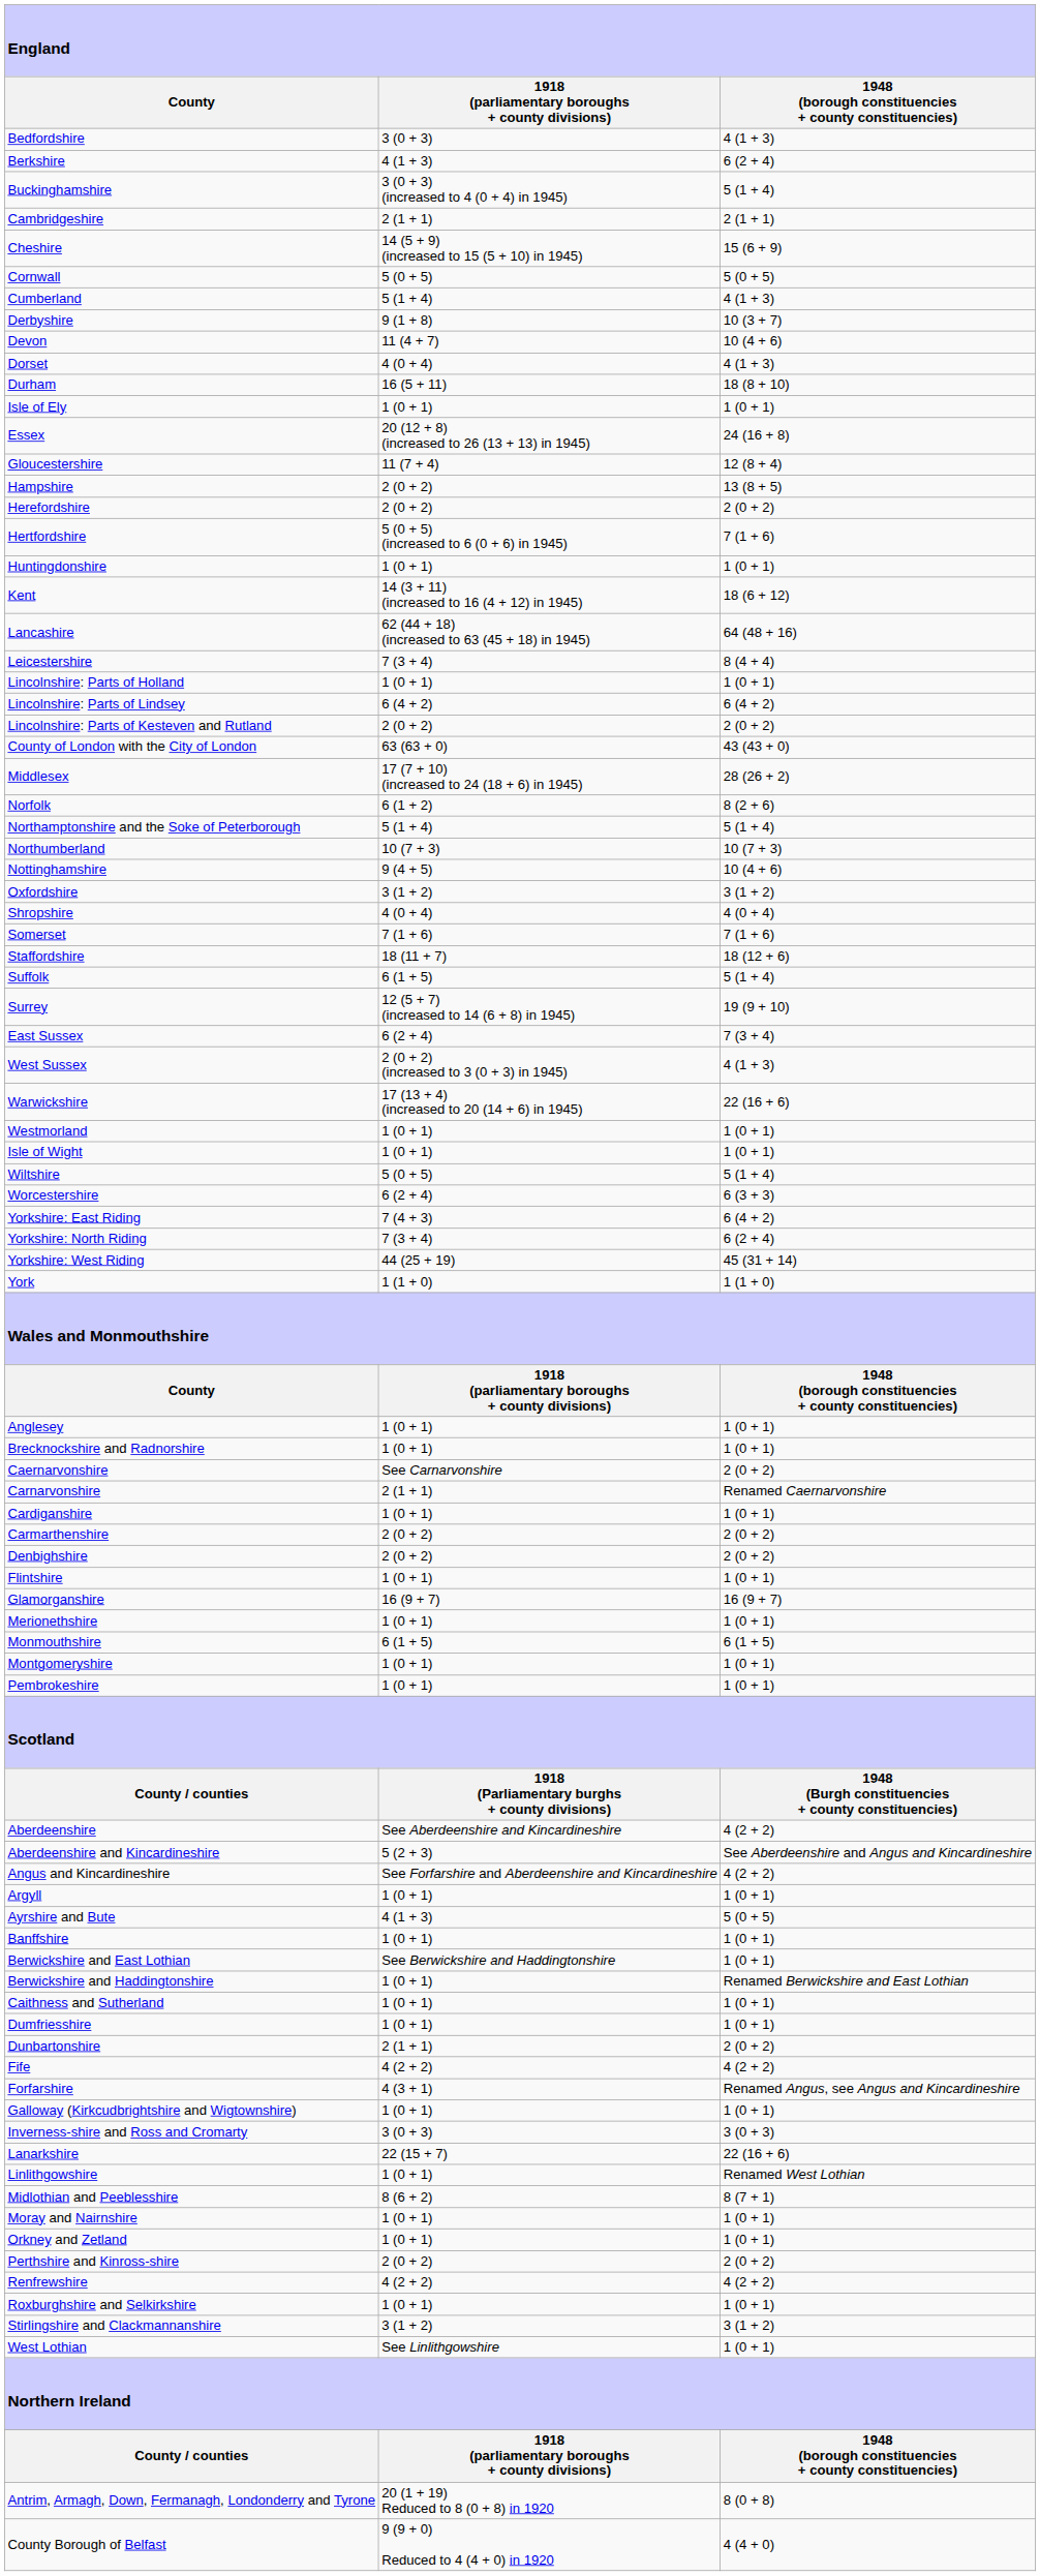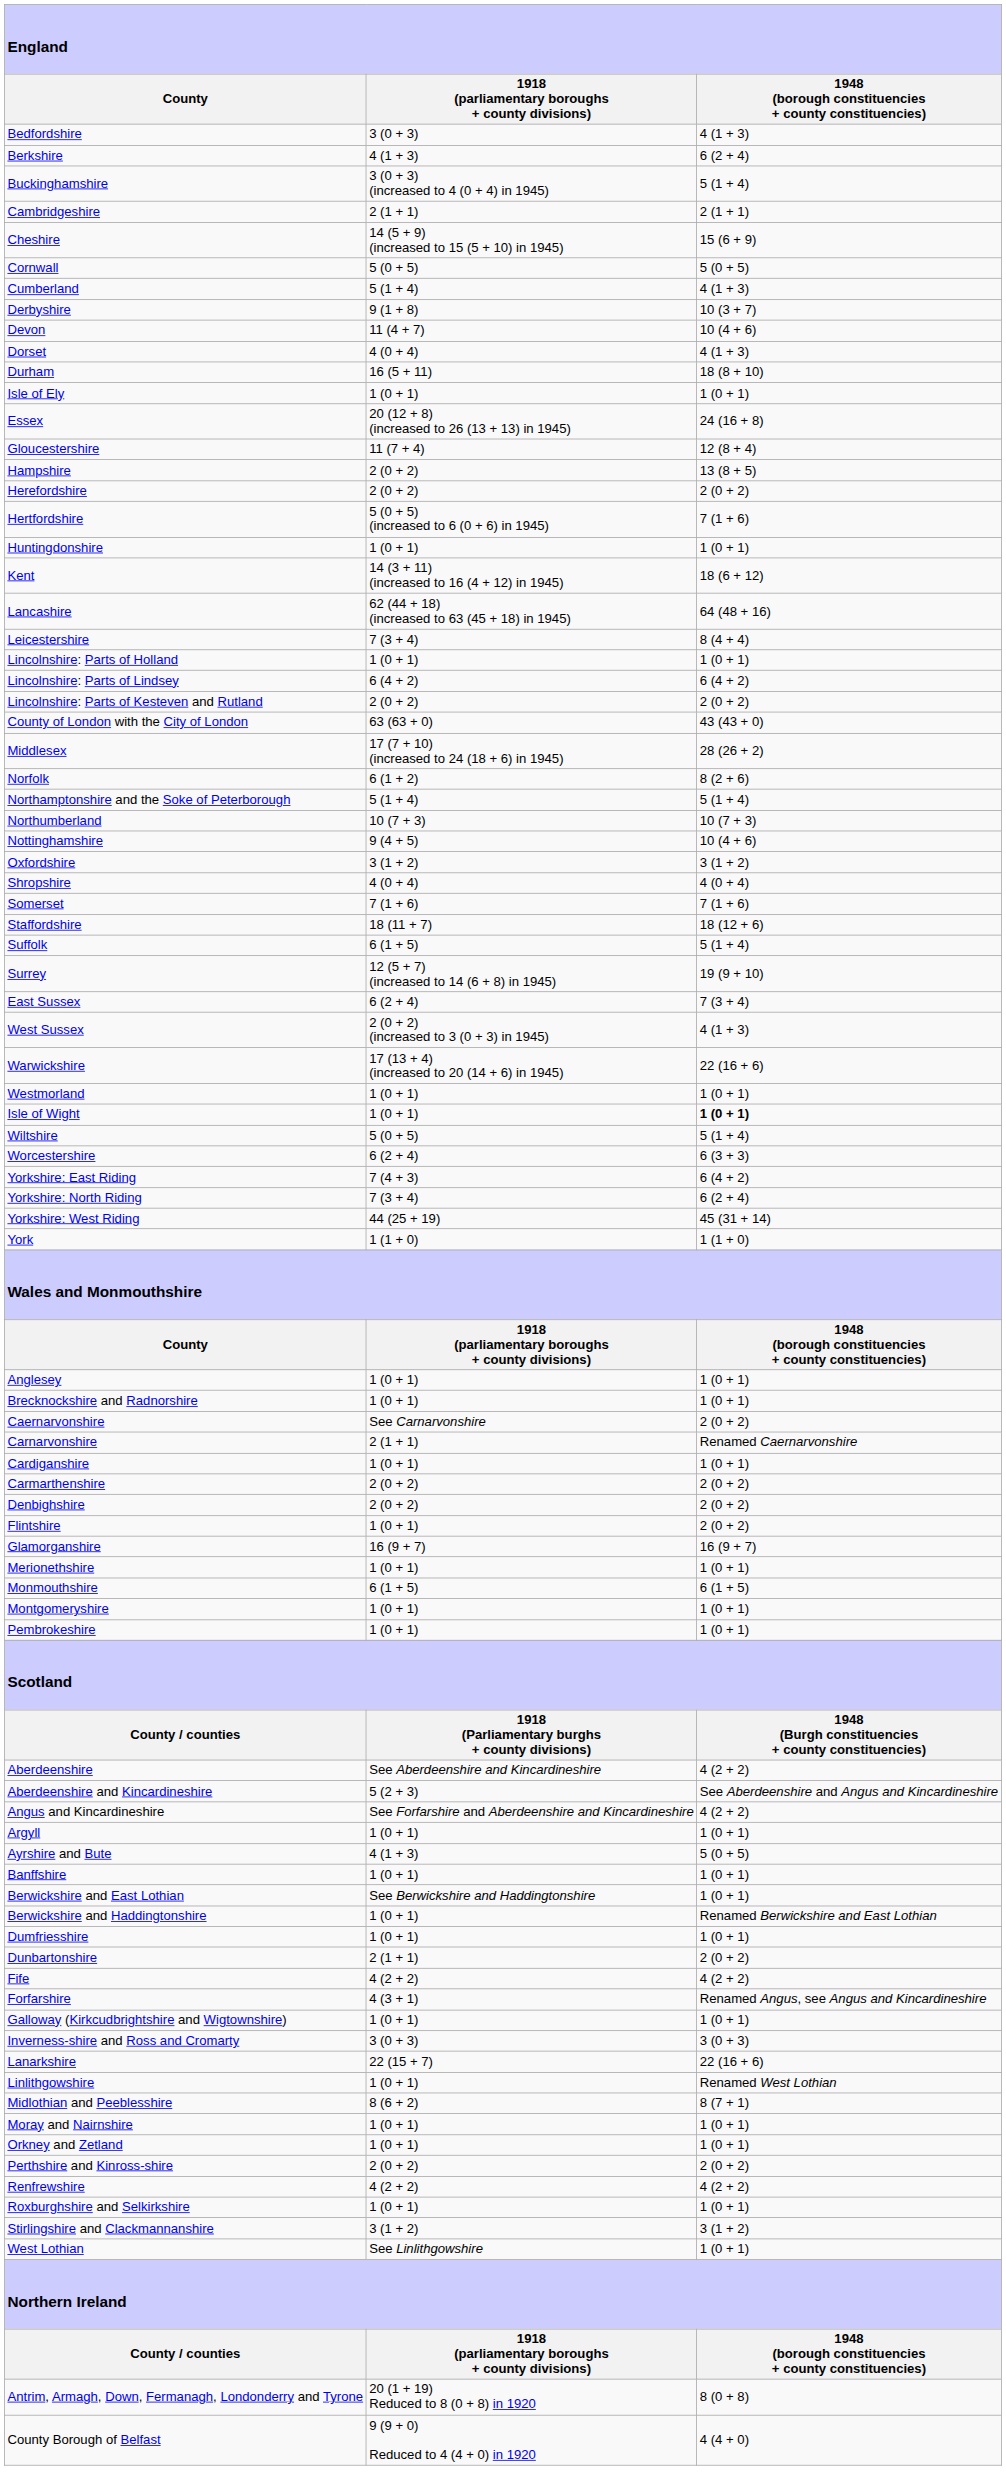 <table class="wikitable">
 <tr>
 <td colspan="3" bgcolor="ccccff"><br><h3>England</h3></td>
 </tr>
 <tr>
 <th>County</th>
 <th>1918<br> (parliamentary boroughs <br>+ county divisions)</th>
 <th>1948<br> (borough constituencies <br>+ county constituencies)</th>
 </tr>
 <tr>
 <td><a href='#'>Bedfordshire</a></td>
 <td>3 (0 + 3)</td>
 <td>4 (1 + 3)</td>
 </tr>
 <tr>
 <td><a href='#'>Berkshire</a></td>
 <td>4 (1 + 3)</td>
 <td>6 (2 + 4)</td>
 </tr>
 <tr>
 <td><a href='#'>Buckinghamshire</a></td>
 <td>3 (0 + 3)<br>(increased to 4 (0 + 4) in 1945)</td>
 <td>5 (1 + 4)</td>
 </tr>
 <tr>
 <td><a href='#'>Cambridgeshire</a></td>
 <td>2 (1 + 1)</td>
 <td>2 (1 + 1)</td>
 </tr>
 <tr>
 <td><a href='#'>Cheshire</a></td>
 <td>14 (5 + 9)<br>(increased to 15 (5 + 10) in 1945)</td>
 <td>15 (6 + 9)</td>
 </tr>
 <tr>
 <td><a href='#'>Cornwall</a></td>
 <td>5 (0 + 5)</td>
 <td>5 (0 + 5)</td>
 </tr>
 <tr>
 <td><a href='#'>Cumberland</a></td>
 <td>5 (1 + 4)</td>
 <td>4 (1 + 3)</td>
 </tr>
 <tr>
 <td><a href='#'>Derbyshire</a></td>
 <td>9 (1 + 8)</td>
 <td>10 (3 + 7)</td>
 </tr>
 <tr>
 <td><a href='#'>Devon</a></td>
 <td>11 (4 + 7)</td>
 <td>10 (4 + 6)</td>
 </tr>
 <tr>
 <td><a href='#'>Dorset</a></td>
 <td>4 (0 + 4)</td>
 <td>4 (1 + 3)</td>
 </tr>
 <tr>
 <td><a href='#'>Durham</a></td>
 <td>16 (5 + 11)</td>
 <td>18 (8 + 10)</td>
 </tr>
 <tr>
 <td><a href='#'>Isle of Ely</a></td>
 <td>1 (0 + 1)</td>
 <td>1 (0 + 1)</td>
 </tr>
 <tr>
 <td><a href='#'>Essex</a></td>
 <td>20 (12 + 8)<br>(increased to 26 (13 + 13) in 1945)</td>
 <td>24 (16 + 8)</td>
 </tr>
 <tr>
 <td><a href='#'>Gloucestershire</a></td>
 <td>11 (7 + 4)</td>
 <td>12 (8 + 4)</td>
 </tr>
 <tr>
 <td><a href='#'>Hampshire</a></td>
 <td>2 (0 + 2)</td>
 <td>13 (8 + 5)</td>
 </tr>
 <tr>
 <td><a href='#'>Herefordshire</a></td>
 <td>2 (0 + 2)</td>
 <td>2 (0 + 2)</td>
 </tr>
 <tr>
 <td><a href='#'>Hertfordshire</a></td>
 <td>5 (0 + 5)<br>(increased to 6 (0 + 6) in 1945)</td>
 <td>7 (1 + 6)</td>
 </tr>
 <tr>
 <td><a href='#'>Huntingdonshire</a></td>
 <td>1 (0 + 1)</td>
 <td>1 (0 + 1)</td>
 </tr>
 <tr>
 <td><a href='#'>Kent</a></td>
 <td>14 (3 + 11)<br>(increased to 16 (4 + 12) in 1945)</td>
 <td>18 (6 + 12)</td>
 </tr>
 <tr>
 <td><a href='#'>Lancashire</a></td>
 <td>62 (44 + 18)<br>(increased to 63 (45 + 18) in 1945)</td>
 <td>64 (48 + 16)</td>
 </tr>
 <tr>
 <td><a href='#'>Leicestershire</a></td>
 <td>7 (3 + 4)</td>
 <td>8 (4 + 4)</td>
 </tr>
 <tr>
 <td><a href='#'>Lincolnshire</a>: <a href='#'>Parts of Holland</a></td>
 <td>1 (0 + 1)</td>
 <td>1 (0 + 1)</td>
 </tr>
 <tr>
 <td><a href='#'>Lincolnshire</a>: <a href='#'>Parts of Lindsey</a></td>
 <td>6 (4 + 2)</td>
 <td>6 (4 + 2)</td>
 </tr>
 <tr>
 <td><a href='#'>Lincolnshire</a>: <a href='#'>Parts of Kesteven</a> and <a href='#'>Rutland</a></td>
 <td>2 (0 + 2)</td>
 <td>2 (0 + 2)</td>
 </tr>
 <tr>
 <td><a href='#'>County of London</a> with the <a href='#'>City of London</a></td>
 <td>63 (63 + 0)</td>
 <td>43 (43 + 0)</td>
 </tr>
 <tr>
 <td><a href='#'>Middlesex</a></td>
 <td>17 (7 + 10)<br>(increased to 24 (18 + 6) in 1945)</td>
 <td>28 (26 + 2)</td>
 </tr>
 <tr>
 <td><a href='#'>Norfolk</a></td>
 <td>6 (1 + 2)</td>
 <td>8 (2 + 6)</td>
 </tr>
 <tr>
 <td><a href='#'>Northamptonshire</a> and the <a href='#'>Soke of Peterborough</a></td>
 <td>5 (1 + 4)</td>
 <td>5 (1 + 4)</td>
 </tr>
 <tr>
 <td><a href='#'>Northumberland</a></td>
 <td>10 (7 + 3)</td>
 <td>10 (7 + 3)</td>
 </tr>
 <tr>
 <td><a href='#'>Nottinghamshire</a></td>
 <td>9 (4 + 5)</td>
 <td>10 (4 + 6)</td>
 </tr>
 <tr>
 <td><a href='#'>Oxfordshire</a></td>
 <td>3 (1 + 2)</td>
 <td>3 (1 + 2)</td>
 </tr>
 <tr>
 <td><a href='#'>Shropshire</a></td>
 <td>4 (0 + 4)</td>
 <td>4 (0 + 4)</td>
 </tr>
 <tr>
 <td><a href='#'>Somerset</a></td>
 <td>7 (1 + 6)</td>
 <td>7 (1 + 6)</td>
 </tr>
 <tr>
 <td><a href='#'>Staffordshire</a></td>
 <td>18 (11 + 7)</td>
 <td>18 (12 + 6)</td>
 </tr>
 <tr>
 <td><a href='#'>Suffolk</a></td>
 <td>6 (1 + 5)</td>
 <td>5 (1 + 4)</td>
 </tr>
 <tr>
 <td><a href='#'>Surrey</a></td>
 <td>12 (5 + 7)<br>(increased to 14 (6 + 8) in 1945)</td>
 <td>19 (9 + 10)</td>
 </tr>
 <tr>
 <td><a href='#'>East Sussex</a></td>
 <td>6 (2 + 4)</td>
 <td>7 (3 + 4)</td>
 </tr>
 <tr>
 <td><a href='#'>West Sussex</a></td>
 <td>2 (0 + 2)<br>(increased to 3 (0 + 3) in 1945)</td>
 <td>4 (1 + 3)</td>
 </tr>
 <tr>
 <td><a href='#'>Warwickshire</a></td>
 <td>17 (13 + 4)<br>(increased to 20 (14 + 6) in 1945)</td>
 <td>22 (16 + 6)</td>
 </tr>
 <tr>
 <td><a href='#'>Westmorland</a></td>
 <td>1 (0 + 1)</td>
 <td>1 (0 + 1)</td>
 </tr>
 <tr>
 <td><a href='#'>Isle of Wight</a></td>
 <td>1 (0 + 1)</td>
-<td>1 (0 + 1)</td>
+<td><strong>1 (0 + 1)</strong></td>
 </tr>
 <tr>
 <td><a href='#'>Wiltshire</a></td>
 <td>5 (0 + 5)</td>
 <td>5 (1 + 4)</td>
 </tr>
 <tr>
 <td><a href='#'>Worcestershire</a></td>
 <td>6 (2 + 4)</td>
 <td>6 (3 + 3)</td>
 </tr>
 <tr>
 <td><a href='#'>Yorkshire: East Riding</a></td>
 <td>7 (4 + 3)</td>
 <td>6 (4 + 2)</td>
 </tr>
 <tr>
 <td><a href='#'>Yorkshire: North Riding</a></td>
 <td>7 (3 + 4)</td>
 <td>6 (2 + 4)</td>
 </tr>
 <tr>
 <td><a href='#'>Yorkshire: West Riding</a></td>
 <td>44 (25 + 19)</td>
 <td>45 (31 + 14)</td>
 </tr>
 <tr>
 <td><a href='#'>York</a></td>
 <td>1 (1 + 0)</td>
 <td>1 (1 + 0)</td>
 </tr>
 <tr>
 <td colspan="3" bgcolor="ccccff"><br><h3>Wales and Monmouthshire</h3></td>
 </tr>
 <tr>
 <th>County</th>
 <th>1918<br> (parliamentary boroughs <br>+ county divisions)</th>
 <th>1948<br> (borough constituencies <br>+ county constituencies)</th>
 </tr>
 <tr>
 <td><a href='#'>Anglesey</a></td>
 <td>1 (0 + 1)</td>
 <td>1 (0 + 1)</td>
 </tr>
 <tr>
 <td><a href='#'>Brecknockshire</a> and <a href='#'>Radnorshire</a></td>
 <td>1 (0 + 1)</td>
 <td>1 (0 + 1)</td>
 </tr>
 <tr>
 <td><a href='#'>Caernarvonshire</a></td>
 <td>See <em>Carnarvonshire</em></td>
 <td>2 (0 + 2)</td>
 </tr>
 <tr>
 <td><a href='#'>Carnarvonshire</a></td>
 <td>2 (1 + 1)</td>
 <td>Renamed <em>Caernarvonshire</em></td>
 </tr>
 <tr>
 <td><a href='#'>Cardiganshire</a></td>
 <td>1 (0 + 1)</td>
 <td>1 (0 + 1)</td>
 </tr>
 <tr>
 <td><a href='#'>Carmarthenshire</a></td>
 <td>2 (0 + 2)</td>
 <td>2 (0 + 2)</td>
 </tr>
 <tr>
 <td><a href='#'>Denbighshire</a></td>
 <td>2 (0 + 2)</td>
 <td>2 (0 + 2)</td>
 </tr>
 <tr>
 <td><a href='#'>Flintshire</a></td>
 <td>1 (0 + 1)</td>
-<td>1 (0 + 1)</td>
+<td>2 (0 + 2)</td>
 </tr>
 <tr>
 <td><a href='#'>Glamorganshire</a></td>
 <td>16 (9 + 7)</td>
 <td>16 (9 + 7)</td>
 </tr>
 <tr>
 <td><a href='#'>Merionethshire</a></td>
 <td>1 (0 + 1)</td>
 <td>1 (0 + 1)</td>
 </tr>
 <tr>
 <td><a href='#'>Monmouthshire</a></td>
 <td>6 (1 + 5)</td>
 <td>6 (1 + 5)</td>
 </tr>
 <tr>
 <td><a href='#'>Montgomeryshire</a></td>
 <td>1 (0 + 1)</td>
 <td>1 (0 + 1)</td>
 </tr>
 <tr>
 <td><a href='#'>Pembrokeshire</a></td>
 <td>1 (0 + 1)</td>
 <td>1 (0 + 1)</td>
 </tr>
 <tr>
 <td colspan="3" bgcolor="ccccff"><br><h3>Scotland</h3></td>
 </tr>
 <tr>
 <th>County / counties</th>
 <th>1918<br> (Parliamentary burghs<br>+ county divisions)</th>
 <th>1948<br> (Burgh constituencies <br>+ county constituencies)</th>
 </tr>
 <tr>
 <td><a href='#'>Aberdeenshire</a></td>
 <td>See <em>Aberdeenshire and Kincardineshire</em></td>
 <td>4 (2 + 2)</td>
 </tr>
 <tr>
 <td><a href='#'>Aberdeenshire</a> and <a href='#'>Kincardineshire</a></td>
 <td>5 (2 + 3)</td>
 <td>See <em>Aberdeenshire</em> and <em>Angus and Kincardineshire</em></td>
 </tr>
 <tr>
 <td><a href='#'>Angus</a> and Kincardineshire</td>
 <td>See <em>Forfarshire</em> and <em>Aberdeenshire and Kincardineshire</em></td>
 <td>4 (2 + 2)</td>
 </tr>
 <tr>
 <td><a href='#'>Argyll</a></td>
 <td>1 (0 + 1)</td>
 <td>1 (0 + 1)</td>
 </tr>
 <tr>
 <td><a href='#'>Ayrshire</a> and <a href='#'>Bute</a></td>
 <td>4 (1 + 3)</td>
 <td>5 (0 + 5)</td>
 </tr>
 <tr>
 <td><a href='#'>Banffshire</a></td>
 <td>1 (0 + 1)</td>
 <td>1 (0 + 1)</td>
 </tr>
 <tr>
 <td><a href='#'>Berwickshire</a> and <a href='#'>East Lothian</a></td>
 <td>See <em>Berwickshire and Haddingtonshire</em></td>
 <td>1 (0 + 1)</td>
 </tr>
 <tr>
 <td><a href='#'>Berwickshire</a> and <a href='#'>Haddingtonshire</a></td>
 <td>1 (0 + 1)</td>
 <td>Renamed <em>Berwickshire and East Lothian</em></td>
-</tr>
-<tr>
-<td><a href='#'>Caithness</a> and <a href='#'>Sutherland</a></td>
-<td>1 (0 + 1)</td>
-<td>1 (0 + 1)</td>
 </tr>
 <tr>
 <td><a href='#'>Dumfriesshire</a></td>
 <td>1 (0 + 1)</td>
 <td>1 (0 + 1)</td>
 </tr>
 <tr>
 <td><a href='#'>Dunbartonshire</a></td>
 <td>2 (1 + 1)</td>
 <td>2 (0 + 2)</td>
 </tr>
 <tr>
 <td><a href='#'>Fife</a></td>
 <td>4 (2 + 2)</td>
 <td>4 (2 + 2)</td>
 </tr>
 <tr>
 <td><a href='#'>Forfarshire</a></td>
 <td>4 (3 + 1)</td>
 <td>Renamed <em>Angus</em>, see <em>Angus and Kincardineshire</em></td>
 </tr>
 <tr>
 <td><a href='#'>Galloway</a> (<a href='#'>Kirkcudbrightshire</a> and <a href='#'>Wigtownshire</a>)</td>
 <td>1 (0 + 1)</td>
 <td>1 (0 + 1)</td>
 </tr>
 <tr>
 <td><a href='#'>Inverness-shire</a> and <a href='#'>Ross and Cromarty</a></td>
 <td>3 (0 + 3)</td>
 <td>3 (0 + 3)</td>
 </tr>
 <tr>
 <td><a href='#'>Lanarkshire</a></td>
 <td>22 (15 + 7)</td>
 <td>22 (16 + 6)</td>
 </tr>
 <tr>
 <td><a href='#'>Linlithgowshire</a></td>
 <td>1 (0 + 1)</td>
 <td>Renamed <em>West Lothian</em></td>
 </tr>
 <tr>
 <td><a href='#'>Midlothian</a> and <a href='#'>Peeblesshire</a></td>
 <td>8 (6 + 2)</td>
 <td>8 (7 + 1)</td>
 </tr>
 <tr>
 <td><a href='#'>Moray</a> and <a href='#'>Nairnshire</a></td>
 <td>1 (0 + 1)</td>
 <td>1 (0 + 1)</td>
 </tr>
 <tr>
 <td><a href='#'>Orkney</a> and <a href='#'>Zetland</a></td>
 <td>1 (0 + 1)</td>
 <td>1 (0 + 1)</td>
 </tr>
 <tr>
 <td><a href='#'>Perthshire</a> and <a href='#'>Kinross-shire</a></td>
 <td>2 (0 + 2)</td>
 <td>2 (0 + 2)</td>
 </tr>
 <tr>
 <td><a href='#'>Renfrewshire</a></td>
 <td>4 (2 + 2)</td>
 <td>4 (2 + 2)</td>
 </tr>
 <tr>
 <td><a href='#'>Roxburghshire</a> and <a href='#'>Selkirkshire</a></td>
 <td>1 (0 + 1)</td>
 <td>1 (0 + 1)</td>
 </tr>
 <tr>
 <td><a href='#'>Stirlingshire</a> and <a href='#'>Clackmannanshire</a></td>
 <td>3 (1 + 2)</td>
 <td>3 (1 + 2)</td>
 </tr>
 <tr>
 <td><a href='#'>West Lothian</a></td>
 <td>See <em>Linlithgowshire</em></td>
 <td>1 (0 + 1)</td>
 </tr>
 <tr>
 <td colspan="3" bgcolor="ccccff"><br><h3>Northern Ireland</h3></td>
 </tr>
 <tr>
 <th>County / counties</th>
 <th>1918<br> (parliamentary boroughs<br>+ county divisions)</th>
 <th>1948<br> (borough constituencies <br>+ county constituencies)</th>
 </tr>
 <tr>
 <td><a href='#'>Antrim</a>, <a href='#'>Armagh</a>, <a href='#'>Down</a>, <a href='#'>Fermanagh</a>, <a href='#'>Londonderry</a> and <a href='#'>Tyrone</a></td>
 <td>20 (1 + 19)<br>Reduced to 8 (0 + 8) <a href='#'>in 1920</a></td>
 <td>8 (0 + 8)</td>
 </tr>
 <tr>
 <td>County Borough of <a href='#'>Belfast</a></td>
 <td>9 (9 + 0)<br><br>Reduced to 4 (4 + 0) <a href='#'>in 1920</a></td>
 <td>4 (4 + 0)</td>
 </tr>
 </table>
